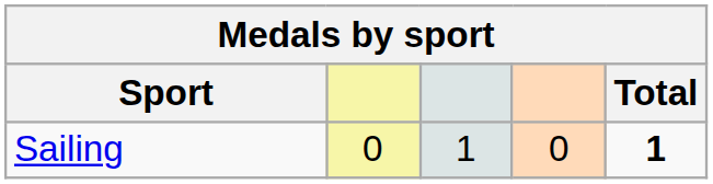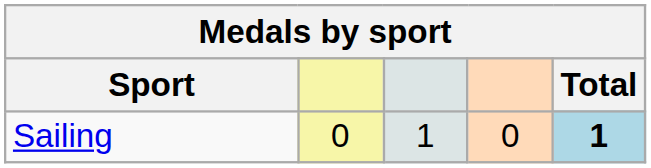 <table class="wikitable" style="font-size:90%; text-align:center;">
 <tr>
 <th colspan="5">Medals by sport</th>
 </tr>
 <tr>
 <th width="120">Sport</th>
 <th scope="col" width="30" style="background:#F7F6A8;"></th>
 <th scope="col" width="30" style="background:#DCE5E5;"></th>
 <th scope="col" width="30" style="background:#FFDAB9;"></th>
 <th width="30">Total</th>
 </tr>
 <tr>
 <td align="left"><a href='#'>Sailing</a></td>
 <td style="background:#F7F6A8;">0</td>
 <td style="background:#DCE5E5;">1</td>
 <td style="background:#FFDAB9;">0</td>
-<td><strong>1</strong></td>
+<td style="background: lightblue;"><strong>1</strong></td>
 </tr>
 </table>
